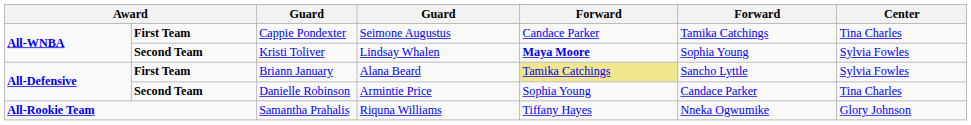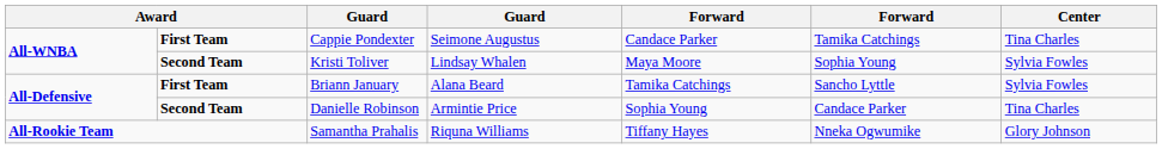 <table class="wikitable" style="width: 80%">
 <tr>
 <th colspan="2">Award</th>
 <th width=125>Guard</th>
 <th>Guard</th>
 <th>Forward</th>
 <th>Forward</th>
 <th>Center</th>
 </tr>
 <tr>
 <td rowspan="2"><strong><a href='#'>All-WNBA</a></strong></td>
 <td><strong>First Team</strong></td>
 <td><a href='#'>Cappie Pondexter</a></td>
 <td><a href='#'>Seimone Augustus</a></td>
 <td><a href='#'>Candace Parker</a></td>
 <td><a href='#'>Tamika Catchings</a></td>
 <td><a href='#'>Tina Charles</a></td>
 </tr>
 <tr>
 <td><strong>Second Team</strong></td>
 <td><a href='#'>Kristi Toliver</a></td>
 <td><a href='#'>Lindsay Whalen</a></td>
-<td><strong><a href='#'>Maya Moore</a></strong></td>
+<td><a href='#'>Maya Moore</a></td>
 <td><a href='#'>Sophia Young</a></td>
 <td><a href='#'>Sylvia Fowles</a></td>
 </tr>
 <tr>
 <td rowspan="2"><strong><a href='#'>All-Defensive</a></strong></td>
 <td><strong>First Team</strong></td>
 <td><a href='#'>Briann January</a></td>
 <td><a href='#'>Alana Beard</a></td>
-<td style="background: khaki;"><a href='#'>Tamika Catchings</a></td>
+<td><a href='#'>Tamika Catchings</a></td>
 <td><a href='#'>Sancho Lyttle</a></td>
 <td><a href='#'>Sylvia Fowles</a></td>
 </tr>
 <tr>
 <td><strong>Second Team</strong></td>
 <td><a href='#'>Danielle Robinson</a></td>
 <td><a href='#'>Armintie Price</a></td>
 <td><a href='#'>Sophia Young</a></td>
 <td><a href='#'>Candace Parker</a></td>
 <td><a href='#'>Tina Charles</a></td>
 </tr>
 <tr>
 <td colspan="2"><strong><a href='#'>All-Rookie Team</a></strong></td>
 <td><a href='#'>Samantha Prahalis</a></td>
 <td><a href='#'>Riquna Williams</a></td>
 <td><a href='#'>Tiffany Hayes</a></td>
 <td><a href='#'>Nneka Ogwumike</a></td>
 <td><a href='#'>Glory Johnson</a></td>
 </tr>
 </table>
